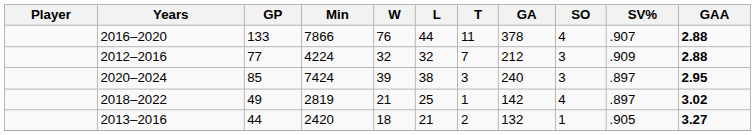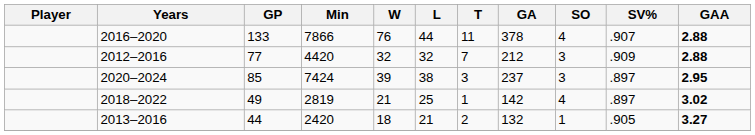 <table class="wikitable sortable" width = 900>
 <tr>
 <th>Player</th>
 <th>Years</th>
 <th>GP</th>
 <th>Min</th>
 <th>W</th>
 <th>L</th>
 <th>T</th>
 <th>GA</th>
 <th>SO</th>
 <th>SV%</th>
 <th>GAA</th>
 </tr>
 <tr>
 <td></td>
 <td>2016–2020</td>
 <td>133</td>
 <td>7866</td>
 <td>76</td>
 <td>44</td>
 <td>11</td>
 <td>378</td>
 <td>4</td>
 <td>.907</td>
 <td><strong>2.88</strong></td>
 </tr>
 <tr>
 <td></td>
 <td>2012–2016</td>
 <td>77</td>
-<td>4224</td>
+<td>4420</td>
 <td>32</td>
 <td>32</td>
 <td>7</td>
 <td>212</td>
 <td>3</td>
 <td>.909</td>
 <td><strong>2.88</strong></td>
 </tr>
 <tr>
 <td></td>
 <td>2020–2024</td>
 <td>85</td>
 <td>7424</td>
 <td>39</td>
 <td>38</td>
 <td>3</td>
-<td>240</td>
+<td>237</td>
 <td>3</td>
 <td>.897</td>
 <td><strong>2.95</strong></td>
 </tr>
 <tr>
 <td></td>
 <td>2018–2022</td>
 <td>49</td>
 <td>2819</td>
 <td>21</td>
 <td>25</td>
 <td>1</td>
 <td>142</td>
 <td>4</td>
 <td>.897</td>
 <td><strong>3.02</strong></td>
 </tr>
 <tr>
 <td></td>
 <td>2013–2016</td>
 <td>44</td>
 <td>2420</td>
 <td>18</td>
 <td>21</td>
 <td>2</td>
 <td>132</td>
 <td>1</td>
 <td>.905</td>
 <td><strong>3.27</strong></td>
 </tr>
 <tr>
 </tr>
 </table>
